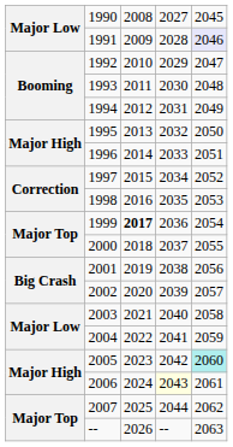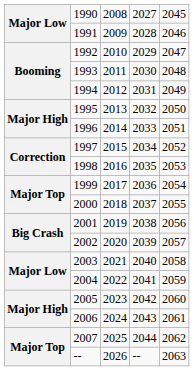 <table class="wikitable" ->
 <tr>
 <th rowspan="2">Major Low</th>
 <td>1990</td>
 <td>2008</td>
 <td>2027</td>
 <td>2045</td>
 </tr>
 <tr>
 <td>1991</td>
 <td>2009</td>
 <td>2028</td>
-<td style="background: lavender;">2046</td>
+<td>2046</td>
 </tr>
 <tr>
 <th rowspan="3">Booming</th>
 <td>1992</td>
 <td>2010</td>
 <td>2029</td>
 <td>2047</td>
 </tr>
 <tr>
 <td>1993</td>
 <td>2011</td>
 <td>2030</td>
 <td>2048</td>
 </tr>
 <tr>
 <td>1994</td>
 <td>2012</td>
 <td>2031</td>
 <td>2049</td>
 </tr>
 <tr>
 <th rowspan="2">Major High</th>
 <td>1995</td>
 <td>2013</td>
 <td>2032</td>
 <td>2050</td>
 </tr>
 <tr>
 <td>1996</td>
 <td>2014</td>
 <td>2033</td>
 <td>2051</td>
 </tr>
 <tr>
 <th rowspan="2">Correction</th>
 <td>1997</td>
 <td>2015</td>
 <td>2034</td>
 <td>2052</td>
 </tr>
 <tr>
 <td>1998</td>
 <td>2016</td>
 <td>2035</td>
 <td>2053</td>
 </tr>
 <tr>
 <th rowspan="2">Major Top</th>
 <td>1999</td>
-<td><strong>2017</strong></td>
+<td>2017</td>
 <td>2036</td>
 <td>2054</td>
 </tr>
 <tr>
 <td>2000</td>
 <td>2018</td>
 <td>2037</td>
 <td>2055</td>
 </tr>
 <tr>
 <th rowspan="2">Big Crash</th>
 <td>2001</td>
 <td>2019</td>
 <td>2038</td>
 <td>2056</td>
 </tr>
 <tr>
 <td>2002</td>
 <td>2020</td>
 <td>2039</td>
 <td>2057</td>
 </tr>
 <tr>
 <th rowspan="2">Major Low</th>
 <td>2003</td>
 <td>2021</td>
 <td>2040</td>
 <td>2058</td>
 </tr>
 <tr>
 <td>2004</td>
 <td>2022</td>
 <td>2041</td>
 <td>2059</td>
 </tr>
 <tr>
 <th rowspan="2">Major High</th>
 <td>2005</td>
 <td>2023</td>
 <td>2042</td>
-<td style="background: paleturquoise;">2060</td>
+<td>2060</td>
 </tr>
 <tr>
 <td>2006</td>
 <td>2024</td>
-<td style="background: lightyellow;">2043</td>
+<td>2043</td>
 <td>2061</td>
 </tr>
 <tr>
 <th rowspan="2">Major Top</th>
 <td>2007</td>
 <td>2025</td>
 <td>2044</td>
 <td>2062</td>
 </tr>
 <tr>
 <td>--</td>
 <td>2026</td>
 <td>--</td>
 <td>2063</td>
 </tr>
 </table>
